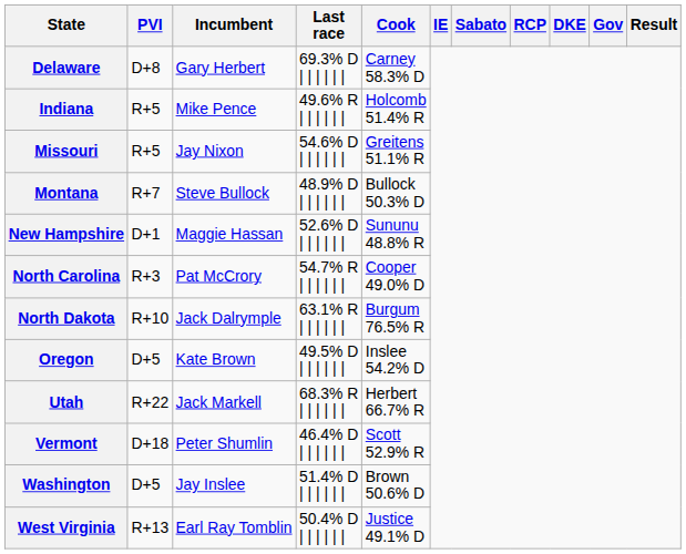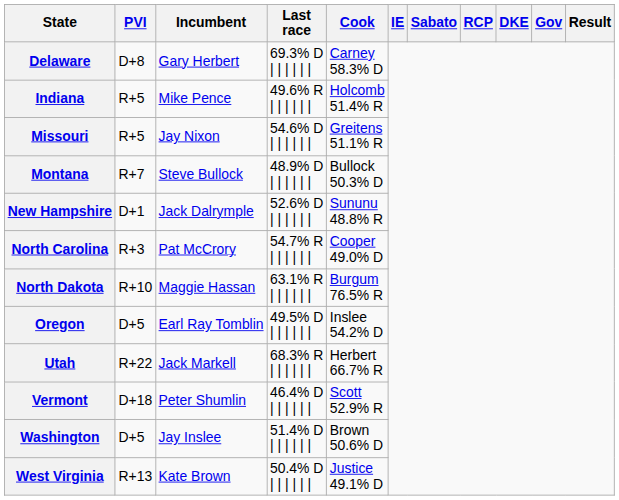 <table class="wikitable sortable">
 <tr>
 <th>State</th>
 <th><a href='#'>PVI</a></th>
 <th>Incumbent</th>
 <th>Last<br>race</th>
 <th scope="col"><a href='#'>Cook</a><br></th>
 <th><a href='#'>IE</a><br></th>
 <th><a href='#'>Sabato</a><br></th>
 <th><a href='#'>RCP</a><br></th>
 <th><a href='#'>DKE</a><br></th>
 <th><a href='#'>Gov</a><br></th>
 <th>Result</th>
 </tr>
 <tr>
 <th><a href='#'>Delaware</a></th>
 <td>D+8</td>
 <td><a href='#'>Gary Herbert</a></td>
 <td>69.3% D<br>| | | |  | | </td>
 <td><a href='#'>Carney</a><br>58.3% D</td>
 </tr>
 <tr>
 <th><a href='#'>Indiana</a></th>
 <td>R+5</td>
 <td><a href='#'>Mike Pence</a> </td>
 <td>49.6% R<br>| | | |  | | </td>
 <td><a href='#'>Holcomb</a><br>51.4% R</td>
 </tr>
 <tr>
 <th><a href='#'>Missouri</a></th>
 <td>R+5</td>
 <td><a href='#'>Jay Nixon</a> </td>
 <td>54.6% D<br>| | | |  | | </td>
 <td><a href='#'>Greitens</a><br>51.1% R </td>
 </tr>
 <tr>
 <th><a href='#'>Montana</a></th>
 <td>R+7</td>
 <td><a href='#'>Steve Bullock</a></td>
 <td>48.9% D<br>| | | |  | | </td>
 <td>Bullock<br>50.3% D</td>
 </tr>
 <tr>
 <th><a href='#'>New Hampshire</a></th>
 <td>D+1</td>
-<td><a href='#'>Maggie Hassan</a> </td>
+<td><a href='#'>Jack Dalrymple</a>  </td>
 <td>52.6% D<br>| | | |  | | </td>
 <td><a href='#'>Sununu</a><br>48.8% R </td>
 </tr>
 <tr>
 <th><a href='#'>North Carolina</a></th>
 <td>R+3</td>
 <td><a href='#'>Pat McCrory</a></td>
 <td>54.7% R<br>| | | |  | | </td>
 <td><a href='#'>Cooper</a><br>49.0% D </td>
 </tr>
 <tr>
 <th><a href='#'>North Dakota</a></th>
 <td>R+10</td>
-<td><a href='#'>Jack Dalrymple</a>  </td>
+<td><a href='#'>Maggie Hassan</a> </td>
 <td>63.1% R<br>| | | |  | | </td>
 <td><a href='#'>Burgum</a><br>76.5% R</td>
 </tr>
 <tr>
 <th><a href='#'>Oregon</a> </th>
 <td>D+5</td>
-<td><a href='#'>Kate Brown</a></td>
+<td><a href='#'>Earl Ray Tomblin</a> </td>
 <td>49.5% D<br>| | | |  | | </td>
 <td>Inslee<br>54.2% D</td>
 </tr>
 <tr>
 <th><a href='#'>Utah</a></th>
 <td>R+22</td>
 <td><a href='#'>Jack Markell</a> </td>
 <td>68.3% R<br>| | | |  | | </td>
 <td>Herbert<br>66.7% R</td>
 </tr>
 <tr>
 <th><a href='#'>Vermont</a></th>
 <td>D+18</td>
 <td><a href='#'>Peter Shumlin</a> </td>
 <td>46.4% D<br>| | | |  | | </td>
 <td><a href='#'>Scott</a><br>52.9% R </td>
 </tr>
 <tr>
 <th><a href='#'>Washington</a></th>
 <td>D+5</td>
 <td><a href='#'>Jay Inslee</a></td>
 <td>51.4% D<br>| | | |  | | </td>
 <td>Brown<br>50.6% D</td>
 </tr>
 <tr>
 <th><a href='#'>West Virginia</a></th>
 <td>R+13</td>
-<td><a href='#'>Earl Ray Tomblin</a> </td>
+<td><a href='#'>Kate Brown</a></td>
 <td>50.4% D<br>| | | |  | | </td>
 <td><a href='#'>Justice</a><br>49.1% D</td>
 </tr>
 </table>
